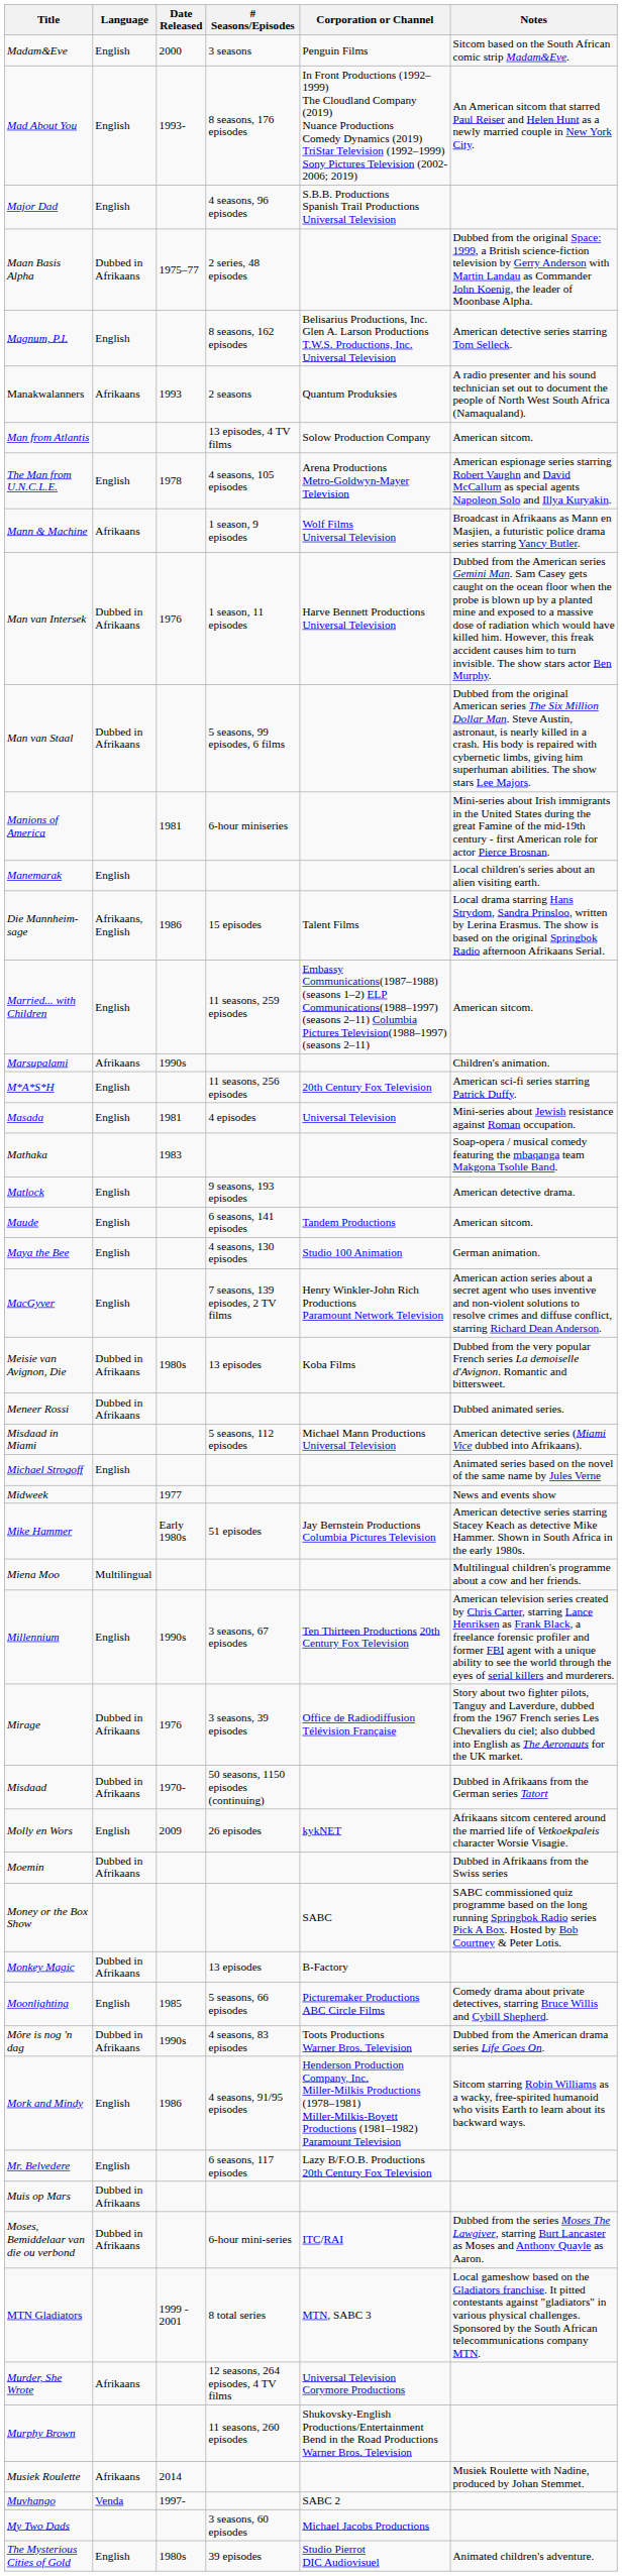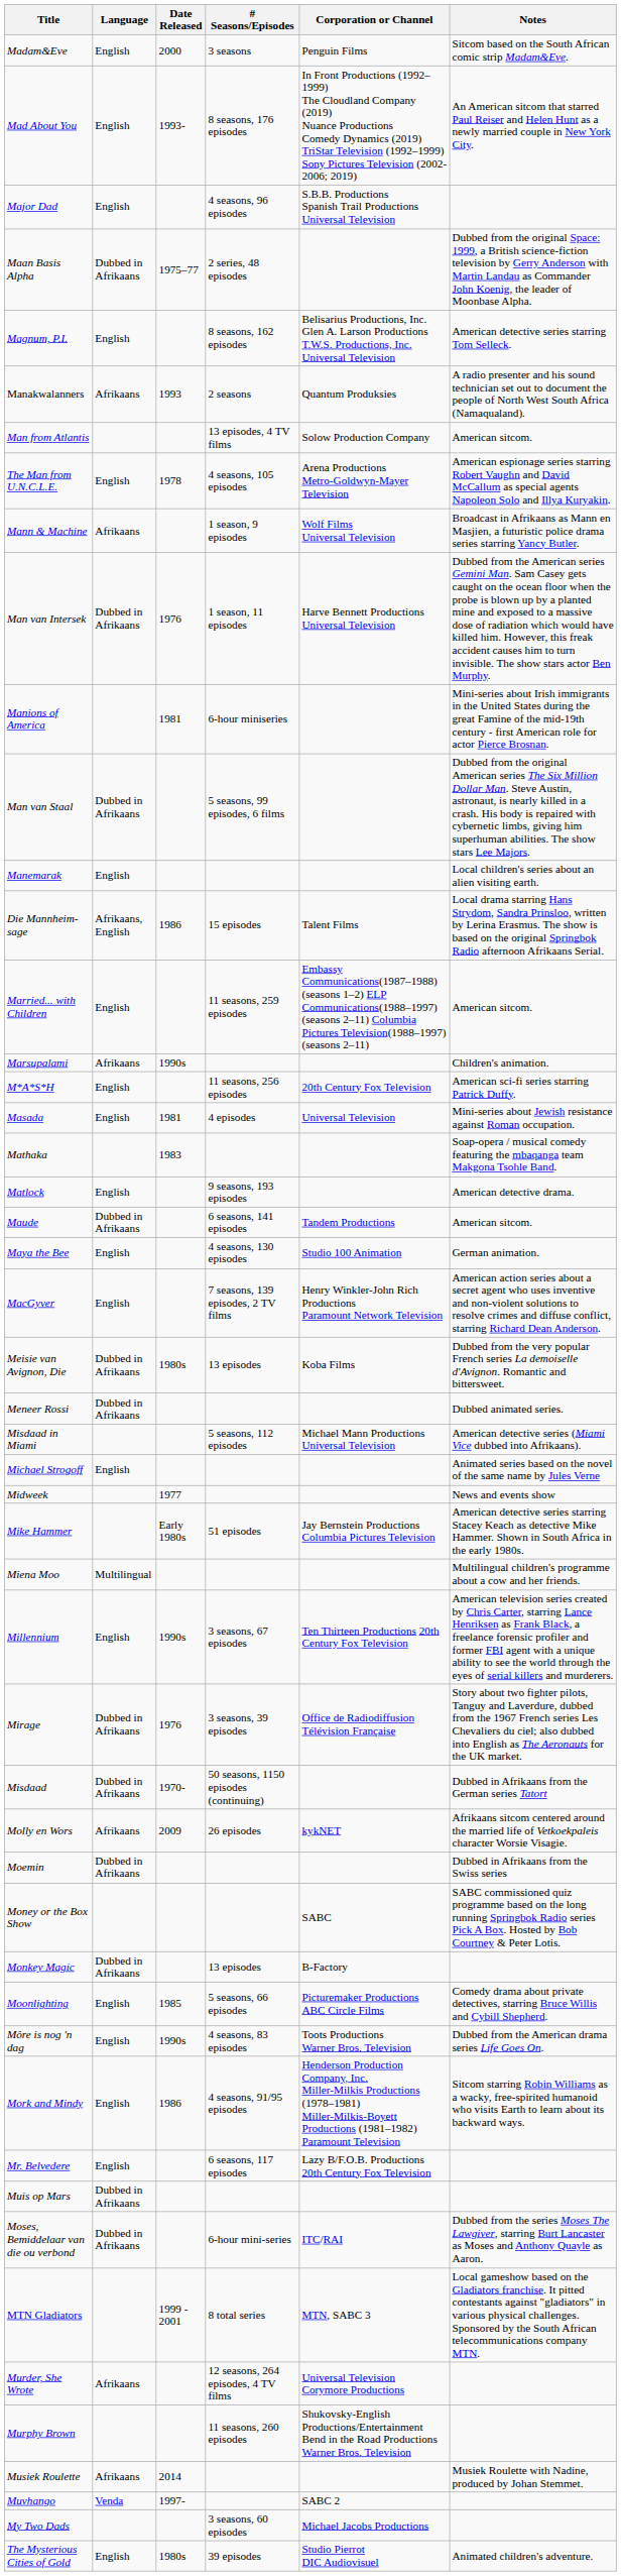 <table class="wikitable sortable">
 <tr>
 <th>Title</th>
 <th>Language</th>
 <th>Date Released</th>
 <th># Seasons/Episodes</th>
 <th>Corporation or Channel</th>
 <th>Notes</th>
 </tr>
 <tr>
 <td><em>Madam&Eve</em></td>
 <td>English</td>
 <td>2000</td>
 <td>3 seasons</td>
 <td>Penguin Films</td>
 <td>Sitcom based on the South African comic strip <a href='#'><em>Madam&Eve</em></a>.</td>
 </tr>
 <tr>
 <td><em><a href='#'>Mad About You</a></em></td>
 <td>English</td>
 <td>1993-</td>
 <td>8 seasons, 176 episodes</td>
 <td>In Front Productions (1992–1999)<br>The Cloudland Company (2019)<br>Nuance Productions<br>Comedy Dynamics (2019)<br><a href='#'>TriStar Television</a> (1992–1999)<br><a href='#'>Sony Pictures Television</a> (2002-2006; 2019)</td>
 <td>An American sitcom that starred <a href='#'>Paul Reiser</a> and <a href='#'>Helen Hunt</a> as a newly married couple in <a href='#'>New York City</a>.</td>
 </tr>
 <tr>
 <td><em><a href='#'>Major Dad</a></em></td>
 <td>English</td>
 <td></td>
 <td>4 seasons, 96 episodes</td>
 <td>S.B.B. Productions<br>Spanish Trail Productions<br><a href='#'>Universal Television</a></td>
 <td></td>
 </tr>
 <tr>
 <td><em>Maan Basis Alpha</em></td>
 <td>Dubbed in Afrikaans</td>
 <td>1975–77</td>
 <td>2 series, 48 episodes</td>
 <td></td>
 <td>Dubbed from the original <a href='#'>Space: 1999</a>, a British science-fiction television by <a href='#'>Gerry Anderson</a> with <a href='#'>Martin Landau</a> as Commander <a href='#'>John Koenig</a>, the leader of Moonbase Alpha.</td>
 </tr>
 <tr>
 <td><em><a href='#'>Magnum, P.I.</a></em></td>
 <td>English</td>
 <td></td>
 <td>8 seasons, 162 episodes</td>
 <td>Belisarius Productions, Inc.<br>Glen A. Larson Productions<br><a href='#'>T.W.S. Productions, Inc.</a><br><a href='#'>Universal Television</a></td>
 <td>American detective series starring <a href='#'>Tom Selleck</a>.</td>
 </tr>
 <tr>
 <td>Manakwalanners</td>
 <td>Afrikaans</td>
 <td>1993</td>
 <td>2 seasons</td>
 <td>Quantum Produksies</td>
 <td>A radio presenter and his sound technician set out to document the people of North West South Africa (Namaqualand).</td>
 </tr>
 <tr>
 <td><em><a href='#'>Man from Atlantis</a></em></td>
 <td></td>
 <td></td>
 <td>13 episodes, 4 TV films</td>
 <td>Solow Production Company</td>
 <td>American sitcom.</td>
 </tr>
 <tr>
 <td><em><a href='#'>The Man from U.N.C.L.E.</a></em></td>
 <td>English</td>
 <td>1978</td>
 <td>4 seasons, 105 episodes</td>
 <td>Arena Productions<br><a href='#'>Metro-Goldwyn-Mayer Television</a></td>
 <td>American espionage series starring <a href='#'>Robert Vaughn</a> and <a href='#'>David McCallum</a> as special agents <a href='#'>Napoleon Solo</a> and <a href='#'>Illya Kuryakin</a>.</td>
 </tr>
 <tr>
 <td><em><a href='#'>Mann & Machine</a></em></td>
 <td>Afrikaans</td>
 <td></td>
 <td>1 season, 9 episodes</td>
 <td><a href='#'>Wolf Films</a><br><a href='#'>Universal Television</a></td>
 <td>Broadcast in Afrikaans as Mann en Masjien, a futuristic police drama series starring <a href='#'>Yancy Butler</a>.</td>
 </tr>
 <tr>
 <td><em>Man van Intersek</em></td>
 <td>Dubbed in Afrikaans</td>
 <td>1976</td>
 <td>1 season, 11 episodes</td>
 <td>Harve Bennett Productions<br><a href='#'>Universal Television</a></td>
 <td>Dubbed from the American series <em><a href='#'>Gemini Man</a></em>. Sam Casey gets caught on the ocean floor when the probe is blown up by a planted mine and exposed to a massive dose of radiation which would have killed him. However, this freak accident causes him to turn invisible. The show stars actor <a href='#'>Ben Murphy</a>.</td>
 </tr>
 <tr>
+<td><em><a href='#'>Manions of America</a></em></td>
+<td></td>
+<td>1981</td>
+<td>6-hour miniseries</td>
+<td></td>
+<td>Mini-series about Irish immigrants in the United States during the great Famine of the mid-19th century - first American role for actor <a href='#'>Pierce Brosnan</a>.</td>
+</tr>
+<tr>
 <td><em>Man van Staal</em></td>
 <td>Dubbed in Afrikaans</td>
 <td></td>
 <td>5 seasons, 99 episodes, 6 films</td>
 <td></td>
 <td>Dubbed from the original American series <em><a href='#'>The Six Million Dollar Man</a></em>. Steve Austin, astronaut, is nearly killed in a crash. His body is repaired with cybernetic limbs, giving him superhuman abilities. The show stars <a href='#'>Lee Majors</a>.</td>
-</tr>
-<tr>
-<td><em><a href='#'>Manions of America</a></em></td>
-<td></td>
-<td>1981</td>
-<td>6-hour miniseries</td>
-<td></td>
-<td>Mini-series about Irish immigrants in the United States during the great Famine of the mid-19th century - first American role for actor <a href='#'>Pierce Brosnan</a>.</td>
 </tr>
 <tr>
 <td><em><a href='#'>Manemarak</a></em></td>
 <td>English</td>
 <td></td>
 <td></td>
 <td></td>
 <td>Local children's series about an alien visiting earth.</td>
 </tr>
 <tr>
 <td><em>Die Mannheim-sage</em></td>
 <td>Afrikaans, English</td>
 <td>1986</td>
 <td>15 episodes</td>
 <td>Talent Films</td>
 <td>Local drama starring <a href='#'>Hans Strydom</a>, <a href='#'>Sandra Prinsloo</a>, written by Lerina Erasmus. The show is based on the original <a href='#'>Springbok Radio</a> afternoon Afrikaans Serial.</td>
 </tr>
 <tr>
 <td><em><a href='#'>Married... with Children</a></em></td>
 <td>English</td>
 <td></td>
 <td>11 seasons, 259 episodes</td>
 <td><a href='#'>Embassy Communications</a>(1987–1988)<br>(seasons 1–2) <a href='#'>ELP Communications</a>(1988–1997) (seasons 2–11) <a href='#'>Columbia Pictures Television</a>(1988–1997) (seasons 2–11)</td>
 <td>American sitcom.</td>
 </tr>
 <tr>
 <td><em><a href='#'>Marsupalami</a></em></td>
 <td>Afrikaans</td>
 <td>1990s</td>
 <td></td>
 <td></td>
 <td>Children's animation.</td>
 </tr>
 <tr>
 <td><em><a href='#'>M*A*S*H</a></em></td>
 <td>English</td>
 <td></td>
 <td>11 seasons, 256 episodes</td>
 <td><a href='#'>20th Century Fox Television</a></td>
 <td>American sci-fi series starring <a href='#'>Patrick Duffy</a>.</td>
 </tr>
 <tr>
 <td><em><a href='#'>Masada</a></em></td>
 <td>English</td>
 <td>1981</td>
 <td>4 episodes</td>
 <td><a href='#'>Universal Television</a></td>
 <td>Mini-series about <a href='#'>Jewish</a> resistance against <a href='#'>Roman</a> occupation.</td>
 </tr>
 <tr>
 <td><em>Mathaka</em></td>
 <td></td>
 <td>1983</td>
 <td></td>
 <td></td>
 <td>Soap-opera / musical comedy featuring the <a href='#'>mbaqanga</a> team <a href='#'>Makgona Tsohle Band</a>.</td>
 </tr>
 <tr>
 <td><em><a href='#'>Matlock</a></em></td>
 <td>English</td>
 <td></td>
 <td>9 seasons, 193 episodes</td>
 <td></td>
 <td>American detective drama.</td>
 </tr>
 <tr>
 <td><em><a href='#'>Maude</a></em></td>
-<td>English</td>
+<td>Dubbed in Afrikaans</td>
 <td></td>
 <td>6 seasons, 141 episodes</td>
 <td><a href='#'>Tandem Productions</a></td>
 <td>American sitcom.</td>
 </tr>
 <tr>
 <td><em><a href='#'>Maya the Bee</a></em></td>
 <td>English</td>
 <td></td>
 <td>4 seasons, 130 episodes</td>
 <td><a href='#'>Studio 100 Animation</a></td>
 <td>German animation.</td>
 </tr>
 <tr>
 <td><em><a href='#'>MacGyver</a></em></td>
 <td>English</td>
 <td></td>
 <td>7 seasons, 139 episodes, 2 TV films</td>
 <td>Henry Winkler-John Rich Productions<br><a href='#'>Paramount Network Television</a></td>
 <td>American action series about a secret agent who uses inventive and non-violent solutions to resolve crimes and diffuse conflict, starring <a href='#'>Richard Dean Anderson</a>.</td>
 </tr>
 <tr>
 <td><em>Meisie van Avignon, Die</em></td>
 <td>Dubbed in Afrikaans</td>
 <td>1980s</td>
 <td>13 episodes</td>
 <td>Koba Films</td>
 <td>Dubbed from the very popular French series <em>La demoiselle d'Avignon</em>. Romantic and bittersweet.</td>
 </tr>
 <tr>
 <td><em>Meneer Rossi</em></td>
 <td>Dubbed in Afrikaans</td>
 <td></td>
 <td></td>
 <td></td>
 <td>Dubbed animated series.</td>
 </tr>
 <tr>
 <td><em>Misdaad in Miami</em></td>
 <td></td>
 <td></td>
 <td>5 seasons, 112 episodes</td>
 <td>Michael Mann Productions<br><a href='#'>Universal Television</a></td>
 <td>American detective series (<em><a href='#'>Miami Vice</a></em> dubbed into Afrikaans).</td>
 </tr>
 <tr>
 <td><em><a href='#'>Michael Strogoff</a></em></td>
 <td>English</td>
 <td></td>
 <td></td>
 <td></td>
 <td>Animated series based on the novel of the same name by <a href='#'>Jules Verne</a></td>
 </tr>
 <tr>
 <td><em>Midweek</em></td>
 <td></td>
 <td>1977</td>
 <td></td>
 <td></td>
 <td>News and events show</td>
 </tr>
 <tr>
 <td><em><a href='#'>Mike Hammer</a></em></td>
 <td></td>
 <td>Early 1980s</td>
 <td>51 episodes</td>
 <td>Jay Bernstein Productions<br><a href='#'>Columbia Pictures Television</a></td>
 <td>American detective series starring Stacey Keach as detective Mike Hammer. Shown in South Africa in the early 1980s.</td>
 </tr>
 <tr>
 <td><em>Miena Moo</em></td>
 <td>Multilingual</td>
 <td></td>
 <td></td>
 <td></td>
 <td>Multilingual children's programme about a cow and her friends.</td>
 </tr>
 <tr>
 <td><em><a href='#'>Millennium</a></em></td>
 <td>English</td>
 <td>1990s</td>
 <td>3 seasons, 67 episodes</td>
 <td><a href='#'>Ten Thirteen Productions</a> <a href='#'>20th Century Fox Television</a></td>
 <td>American television series created by <a href='#'>Chris Carter</a>, starring <a href='#'>Lance Henriksen</a> as <a href='#'>Frank Black</a>, a freelance forensic profiler and former <a href='#'>FBI</a> agent with a unique ability to see the world through the eyes of <a href='#'>serial killers</a> and murderers.</td>
 </tr>
 <tr>
 <td><em>Mirage</em></td>
 <td>Dubbed in Afrikaans</td>
 <td>1976</td>
 <td>3 seasons, 39 episodes</td>
 <td><a href='#'>Office de Radiodiffusion Télévision Française</a></td>
 <td>Story about two fighter pilots, Tanguy and Laverdure, dubbed from the 1967 French series Les Chevaliers du ciel; also dubbed into English as <em><a href='#'>The Aeronauts</a></em> for the UK market.</td>
 </tr>
 <tr>
 <td><em>Misdaad</em></td>
 <td>Dubbed in Afrikaans</td>
 <td>1970-</td>
 <td>50 seasons, 1150 episodes (continuing)</td>
 <td></td>
 <td>Dubbed in Afrikaans from the German series <em><a href='#'>Tatort</a></em></td>
 </tr>
 <tr>
 <td><em>Molly en Wors</em></td>
-<td>English</td>
+<td>Afrikaans</td>
 <td>2009</td>
 <td>26 episodes</td>
 <td><a href='#'>kykNET</a></td>
 <td>Afrikaans sitcom centered around the married life of <em>Vetkoekpaleis</em> character Worsie Visagie.</td>
 </tr>
 <tr>
 <td><em>Moemin</em></td>
 <td>Dubbed in Afrikaans</td>
 <td></td>
 <td></td>
 <td></td>
 <td>Dubbed in Afrikaans from the Swiss series</td>
 </tr>
 <tr>
 <td><em>Money or the Box Show</em></td>
 <td></td>
 <td></td>
 <td></td>
 <td>SABC</td>
 <td>SABC commissioned quiz programme based on the long running <a href='#'>Springbok Radio</a> series <a href='#'>Pick A Box</a>. Hosted by <a href='#'>Bob Courtney</a> & Peter Lotis.</td>
 </tr>
 <tr>
 <td><em><a href='#'>Monkey Magic</a></em></td>
 <td>Dubbed in Afrikaans</td>
 <td></td>
 <td>13 episodes</td>
 <td>B-Factory</td>
 <td></td>
 </tr>
 <tr>
 <td><em><a href='#'>Moonlighting</a></em></td>
 <td>English</td>
 <td>1985</td>
 <td>5 seasons, 66 episodes</td>
 <td><a href='#'>Picturemaker Productions</a><br><a href='#'>ABC Circle Films</a></td>
 <td>Comedy drama about private detectives, starring <a href='#'>Bruce Willis</a> and <a href='#'>Cybill Shepherd</a>.</td>
 </tr>
 <tr>
 <td><em>Môre is nog 'n dag</em></td>
-<td>Dubbed in Afrikaans</td>
+<td>English</td>
 <td>1990s</td>
 <td>4 seasons, 83 episodes</td>
 <td>Toots Productions<br><a href='#'>Warner Bros. Television</a></td>
 <td>Dubbed from the American drama series <a href='#'><em>Life Goes On</em></a>.</td>
 </tr>
 <tr>
 <td><em><a href='#'>Mork and Mindy</a></em></td>
 <td>English</td>
 <td>1986</td>
 <td>4 seasons, 91/95 episodes</td>
 <td><a href='#'>Henderson Production Company, Inc.</a><br><a href='#'>Miller-Milkis Productions</a> (1978–1981)<br><a href='#'>Miller-Milkis-Boyett Productions</a> (1981–1982)<br><a href='#'>Paramount Television</a></td>
 <td>Sitcom starring <a href='#'>Robin Williams</a> as a wacky, free-spirited humanoid who visits Earth to learn about its backward ways.</td>
 </tr>
 <tr>
 <td><em><a href='#'>Mr. Belvedere</a></em></td>
 <td>English</td>
 <td></td>
 <td>6 seasons, 117 episodes</td>
 <td>Lazy B/F.O.B. Productions<br><a href='#'>20th Century Fox Television</a></td>
 <td></td>
 </tr>
 <tr>
 <td><em>Muis op Mars</em></td>
 <td>Dubbed in Afrikaans</td>
 <td></td>
 <td></td>
 <td></td>
 <td></td>
 </tr>
 <tr>
 <td><em>Moses, Bemiddelaar van die ou verbond</em></td>
 <td>Dubbed in Afrikaans</td>
 <td></td>
 <td>6-hour mini-series</td>
 <td><a href='#'>ITC</a>/<a href='#'>RAI</a></td>
 <td>Dubbed from the series <em><a href='#'>Moses The Lawgiver</a></em>, starring <a href='#'>Burt Lancaster</a> as Moses and <a href='#'>Anthony Quayle</a> as Aaron.</td>
 </tr>
 <tr>
 <td><a href='#'>MTN Gladiators</a></td>
 <td></td>
 <td>1999 - 2001</td>
 <td>8 total series</td>
 <td><a href='#'>MTN</a>, SABC 3</td>
 <td>Local gameshow based on the <a href='#'>Gladiators franchise</a>. It pitted contestants against "gladiators" in various physical challenges. Sponsored by the South African telecommunications company <a href='#'>MTN</a>.</td>
 </tr>
 <tr>
 <td><em><a href='#'>Murder, She Wrote</a></em></td>
 <td>Afrikaans</td>
 <td></td>
 <td>12 seasons, 264 episodes, 4 TV films</td>
 <td><a href='#'>Universal Television</a><br><a href='#'>Corymore Productions</a></td>
 <td></td>
 </tr>
 <tr>
 <td><em><a href='#'>Murphy Brown</a></em></td>
 <td></td>
 <td></td>
 <td>11 seasons, 260 episodes</td>
 <td>Shukovsky-English Productions/Entertainment<br>Bend in the Road Productions<br><a href='#'>Warner Bros. Television</a></td>
 <td></td>
 </tr>
 <tr>
 <td><em>Musiek Roulette</em></td>
 <td>Afrikaans</td>
 <td>2014</td>
 <td></td>
 <td></td>
 <td>Musiek Roulette with Nadine, produced by Johan Stemmet.</td>
 </tr>
 <tr>
 <td><em><a href='#'>Muvhango</a></em></td>
 <td><a href='#'>Venda</a></td>
 <td>1997-</td>
 <td></td>
 <td>SABC 2</td>
 <td></td>
 </tr>
 <tr>
 <td><em><a href='#'>My Two Dads</a></em></td>
 <td></td>
 <td></td>
 <td>3 seasons, 60 episodes</td>
 <td><a href='#'>Michael Jacobs Productions</a></td>
 <td></td>
 </tr>
 <tr>
 <td><em><a href='#'>The Mysterious Cities of Gold</a></em></td>
 <td>English</td>
 <td>1980s</td>
 <td>39 episodes</td>
 <td><a href='#'>Studio Pierrot</a><br><a href='#'>DIC Audiovisuel</a></td>
 <td>Animated children's adventure.</td>
 </tr>
 </table>
